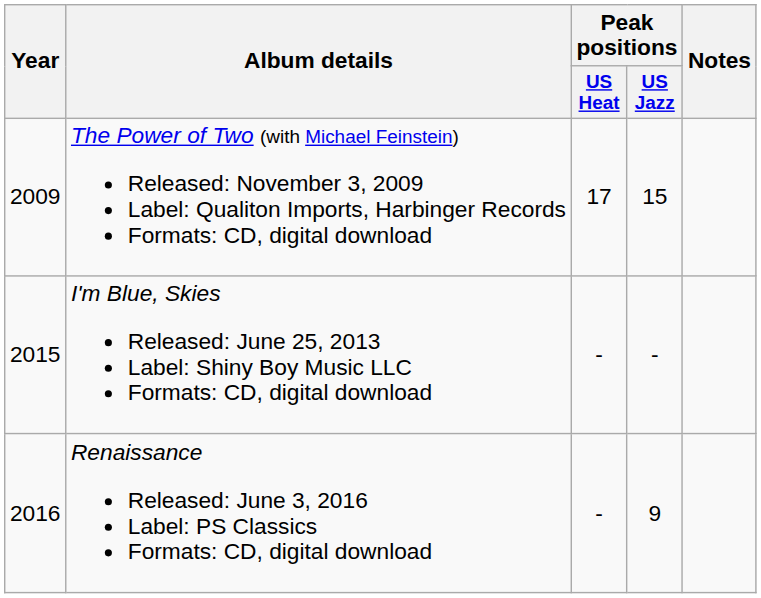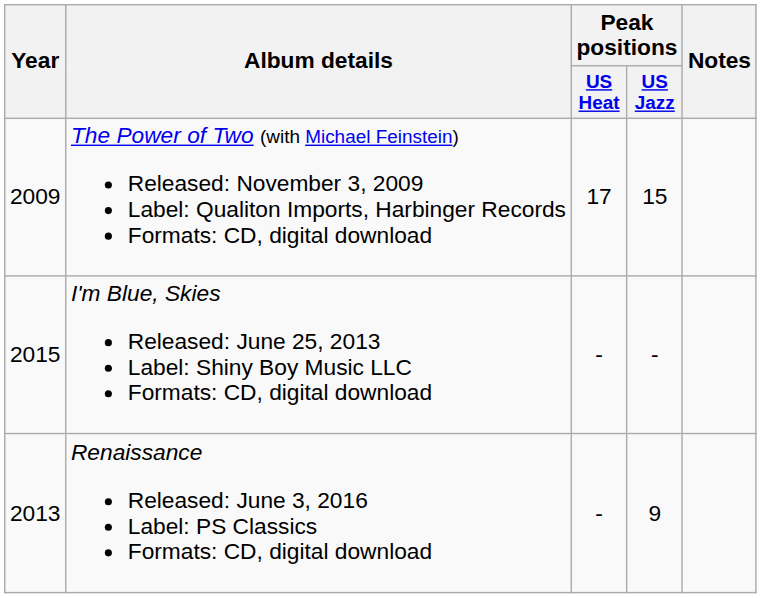 <table class="wikitable" style="text-align:center;" style="font-size: 93%">
 <tr>
 <th rowspan="2">Year</th>
 <th rowspan="2">Album details</th>
 <th colspan="2">Peak positions</th>
 <th rowspan="2">Notes</th>
 </tr>
 <tr style="font-size:smaller;">
 <th style="width:30px;"><a href='#'>US Heat</a><br></th>
 <th style="width:30px;"><a href='#'>US Jazz</a><br></th>
 </tr>
 <tr>
 <td>2009</td>
 <td align="left"><em><a href='#'>The Power of Two</a></em> <small>(with <a href='#'>Michael Feinstein</a>)</small><br><ul><li>Released: November 3, 2009</li><li>Label: Qualiton Imports, Harbinger Records</li><li>Formats: CD, digital download</li></ul></td>
 <td>17</td>
 <td>15</td>
 <td></td>
 </tr>
 <tr>
 <td>2015</td>
 <td align="left"><em>I'm Blue, Skies</em><br><ul><li>Released: June 25, 2013</li><li>Label: Shiny Boy Music LLC</li><li>Formats: CD, digital download</li></ul></td>
 <td>-</td>
 <td>-</td>
 <td><br></td>
 </tr>
 <tr>
-<td>2016</td>
+<td>2013</td>
 <td align="left"><em>Renaissance</em><br><ul><li>Released: June 3, 2016</li><li>Label: PS Classics</li><li>Formats: CD, digital download</li></ul></td>
 <td>-</td>
 <td>9</td>
 <td><br></td>
 </tr>
 </table>
